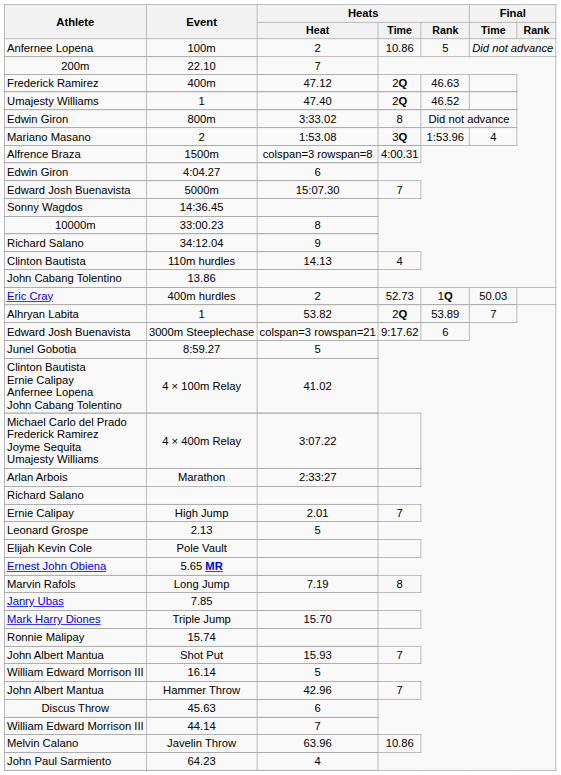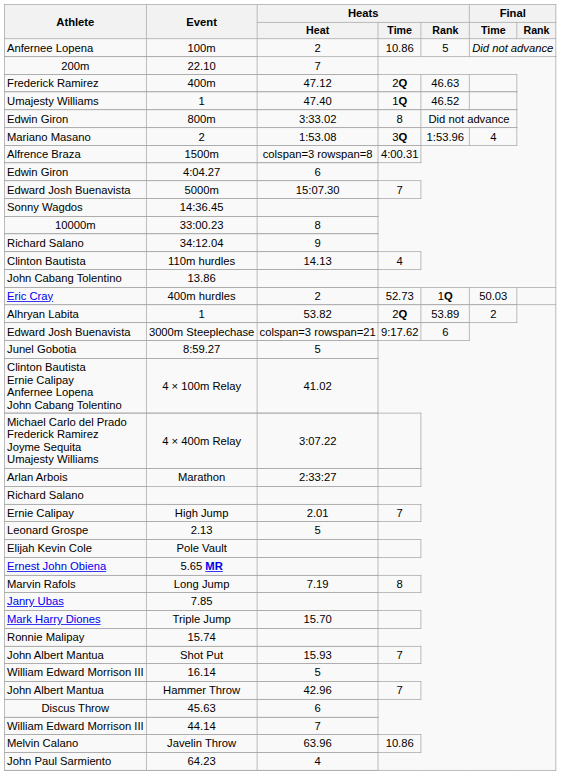 <table class="wikitable" style="font-size:90%; text-align:center">
 <tr>
 <th rowspan=2>Athlete</th>
 <th rowspan=2>Event</th>
 <th colspan=3>Heats</th>
 <th colspan=2>Final</th>
 </tr>
 <tr style="font-size:95%">
 <th>Heat</th>
 <th>Time</th>
 <th>Rank</th>
 <th>Time</th>
 <th>Rank</th>
 </tr>
 <tr align=center>
 <td align=left rowspan=2>Anfernee Lopena</td>
 <td align=center>100m</td>
 <td rowspan=3>2</td>
 <td>10.86</td>
 <td>5</td>
 <td colspan=2 rowspan=2><em>Did not advance</em></td>
 </tr>
 <tr>
 </tr>
 <tr>
 </tr>
 <tr align=center>
 <td align=center>200m</td>
 <td>22.10</td>
 <td>7</td>
 </tr>
 <tr>
 </tr>
 <tr>
 </tr>
 <tr align=center>
 <td align=left>Frederick Ramirez</td>
 <td rowspan=2 align="Center">400m</td>
 <td>47.12</td>
 <td>2<strong>Q</strong></td>
 <td>46.63</td>
 <td></td>
 </tr>
 <tr>
 </tr>
 <tr>
 </tr>
 <tr align=center>
 <td align=left>Umajesty Williams</td>
 <td rowspan=2>1</td>
 <td>47.40</td>
-<td>2<strong>Q</strong></td>
+<td>1<strong>Q</strong></td>
 <td>46.52</td>
 <td></td>
 </tr>
 <tr>
 </tr>
 <tr>
 </tr>
 <tr align=center>
 <td align=left>Edwin Giron</td>
 <td align=center rowspan=2>800m</td>
 <td>3:33.02</td>
 <td>8</td>
 <td colspan=2>Did not advance</td>
 </tr>
 <tr>
 </tr>
 <tr>
 </tr>
 <tr align=center>
 <td align=left>Mariano Masano</td>
 <td>2</td>
 <td>1:53.08</td>
 <td>3<strong>Q</strong></td>
 <td>1:53.96</td>
 <td rowspan=2>4</td>
 </tr>
 <tr>
 </tr>
 <tr>
 </tr>
 <tr align=center>
 <td align=left>Alfrence Braza</td>
 <td align=center rowspan=2>1500m</td>
 <td>colspan=3 rowspan=8 </td>
 <td>4:00.31</td>
 </tr>
 <tr>
 </tr>
 <tr>
 </tr>
 <tr align=center>
 <td align=left>Edwin Giron</td>
 <td>4:04.27</td>
 <td>6</td>
 </tr>
 <tr>
 </tr>
 <tr>
 </tr>
 <tr align=center>
 <td align=left>Edward Josh Buenavista</td>
 <td align=center rowspan=2>5000m</td>
 <td>15:07.30</td>
 <td>7</td>
 </tr>
 <tr>
 </tr>
 <tr>
 </tr>
 <tr align=center>
 <td align=left rowspan=2>Sonny Wagdos</td>
 <td>14:36.45</td>
 <td></td>
 </tr>
 <tr>
 </tr>
 <tr>
 </tr>
 <tr align=center>
 <td align=center rowspan=2>10000m</td>
 <td>33:00.23</td>
 <td>8</td>
 </tr>
 <tr>
 </tr>
 <tr>
 </tr>
 <tr align=center>
 <td align=left>Richard Salano</td>
 <td>34:12.04</td>
 <td>9</td>
 </tr>
 <tr>
 </tr>
 <tr>
 </tr>
 <tr align=center>
 <td align=left>Clinton Bautista</td>
 <td align=center rowspan=2>110m hurdles</td>
 <td>14.13</td>
 <td>4</td>
 </tr>
 <tr>
 </tr>
 <tr>
 </tr>
 <tr align=center>
 <td align=left>John Cabang Tolentino</td>
 <td>13.86</td>
 <td></td>
 </tr>
 <tr>
 </tr>
 <tr>
 </tr>
 <tr align=center>
 <td align=left><a href='#'>Eric Cray</a></td>
 <td align=center rowspan=2>400m hurdles</td>
 <td>2</td>
 <td>52.73</td>
 <td>1<strong>Q</strong></td>
 <td>50.03</td>
 <td></td>
 </tr>
 <tr>
 </tr>
 <tr>
 </tr>
 <tr align=center>
 <td align=left>Alhryan Labita</td>
 <td>1</td>
 <td>53.82</td>
 <td>2<strong>Q</strong></td>
 <td>53.89</td>
-<td>7</td>
+<td>2</td>
 </tr>
 <tr>
 </tr>
 <tr>
 </tr>
 <tr align=center>
 <td align=left>Edward Josh Buenavista</td>
 <td align=center rowspan=2>3000m Steeplechase</td>
 <td>colspan=3 rowspan=21 </td>
 <td>9:17.62</td>
 <td>6</td>
 </tr>
 <tr>
 </tr>
 <tr>
 </tr>
 <tr align=center>
 <td align=left>Junel Gobotia</td>
 <td>8:59.27</td>
 <td rowspan=2>5</td>
 </tr>
 <tr>
 </tr>
 <tr>
 </tr>
 <tr align=center>
 <td align=left>Clinton Bautista<br>Ernie Calipay<br>Anfernee Lopena<br>John Cabang Tolentino</td>
 <td align=center>4 × 100m Relay</td>
 <td>41.02</td>
 </tr>
 <tr>
 </tr>
 <tr>
 </tr>
 <tr align=center>
 <td align=left>Michael Carlo del Prado<br>Frederick Ramirez<br>Joyme Sequita<br>Umajesty Williams</td>
 <td align=center>4 × 400m Relay</td>
 <td>3:07.22</td>
 <td></td>
 </tr>
 <tr>
 </tr>
 <tr>
 </tr>
 <tr align=center>
 <td align=left>Arlan Arbois</td>
 <td align=center rowspan=2>Marathon</td>
 <td>2:33:27</td>
 <td></td>
 </tr>
 <tr>
 </tr>
 <tr align=center>
 <td align=left>Richard Salano</td>
 <td><strong></strong></td>
 <td></td>
 </tr>
 <tr>
 </tr>
 <tr align=center>
 <td align=left>Ernie Calipay</td>
 <td align=center rowspan=2>High Jump</td>
 <td>2.01</td>
 <td>7</td>
 </tr>
 <tr>
 </tr>
 <tr>
 </tr>
 <tr align=center>
 <td align=left>Leonard Grospe</td>
 <td>2.13</td>
 <td>5</td>
 </tr>
 <tr>
 </tr>
 <tr>
 </tr>
 <tr align=center>
 <td align=left>Elijah Kevin Cole</td>
 <td align=center rowspan=2>Pole Vault</td>
 <td><strong></strong></td>
 <td></td>
 </tr>
 <tr>
 </tr>
 <tr>
 </tr>
 <tr align=center>
 <td align=left><a href='#'>Ernest John Obiena</a></td>
 <td>5.65 <strong><a href='#'>MR</a></strong></td>
 <td></td>
 </tr>
 <tr>
 </tr>
 <tr>
 </tr>
 <tr align=center>
 <td align=left>Marvin Rafols</td>
 <td align=center rowspan=2>Long Jump</td>
 <td>7.19</td>
 <td>8</td>
 </tr>
 <tr>
 </tr>
 <tr>
 </tr>
 <tr align=center>
 <td align=left><a href='#'>Janry Ubas</a></td>
 <td>7.85</td>
 <td></td>
 </tr>
 <tr>
 </tr>
 <tr>
 </tr>
 <tr align=center>
 <td align=left><a href='#'>Mark Harry Diones</a></td>
 <td align=center rowspan=2>Triple Jump</td>
 <td>15.70</td>
 <td></td>
 </tr>
 <tr>
 </tr>
 <tr>
 </tr>
 <tr align=center>
 <td align=left>Ronnie Malipay</td>
 <td>15.74</td>
 <td></td>
 </tr>
 <tr>
 </tr>
 <tr>
 </tr>
 <tr align=center>
 <td align=left>John Albert Mantua</td>
 <td align=center rowspan=2>Shot Put</td>
 <td>15.93</td>
 <td>7</td>
 </tr>
 <tr>
 </tr>
 <tr>
 </tr>
 <tr align=center>
 <td align=left>William Edward Morrison III</td>
 <td>16.14</td>
 <td>5</td>
 </tr>
 <tr>
 </tr>
 <tr>
 </tr>
 <tr align=center>
 <td align=left rowspan=2>John Albert Mantua</td>
 <td align=center>Hammer Throw</td>
 <td>42.96</td>
 <td>7</td>
 </tr>
 <tr>
 </tr>
 <tr>
 </tr>
 <tr align=center>
 <td align=center rowspan=2>Discus Throw</td>
 <td>45.63</td>
 <td>6</td>
 </tr>
 <tr>
 </tr>
 <tr>
 </tr>
 <tr align=center>
 <td align=left>William Edward Morrison III</td>
 <td>44.14</td>
 <td>7</td>
 </tr>
 <tr>
 </tr>
 <tr>
 </tr>
 <tr align=center>
 <td align=left>Melvin Calano</td>
 <td align=center rowspan=2>Javelin Throw</td>
 <td>63.96</td>
 <td>10.86</td>
 </tr>
 <tr>
 </tr>
 <tr>
 </tr>
 <tr align=center>
 <td align=left>John Paul Sarmiento</td>
 <td>64.23</td>
 <td>4</td>
 </tr>
 <tr>
 </tr>
 </table>
